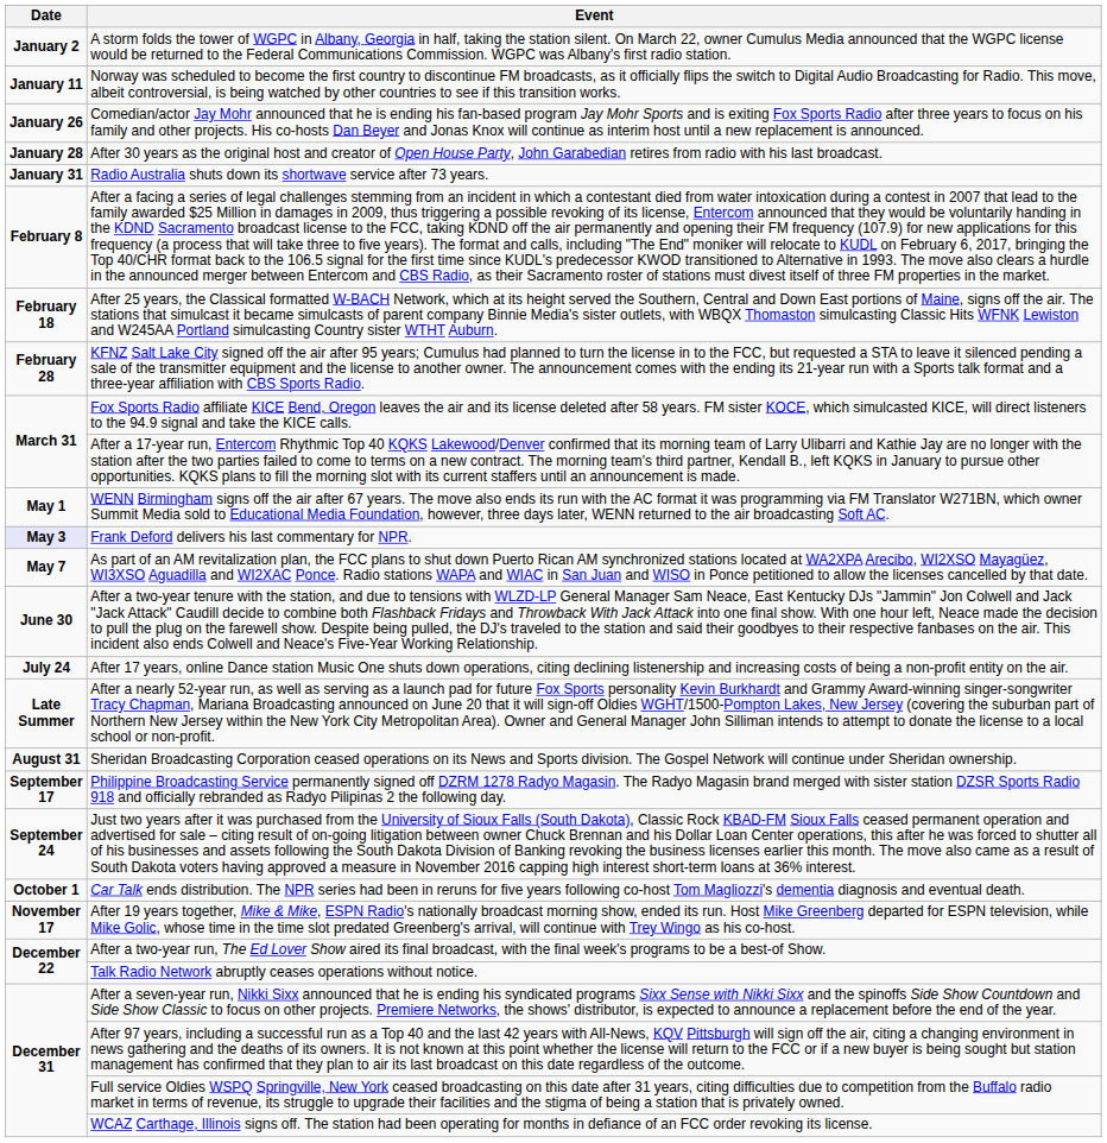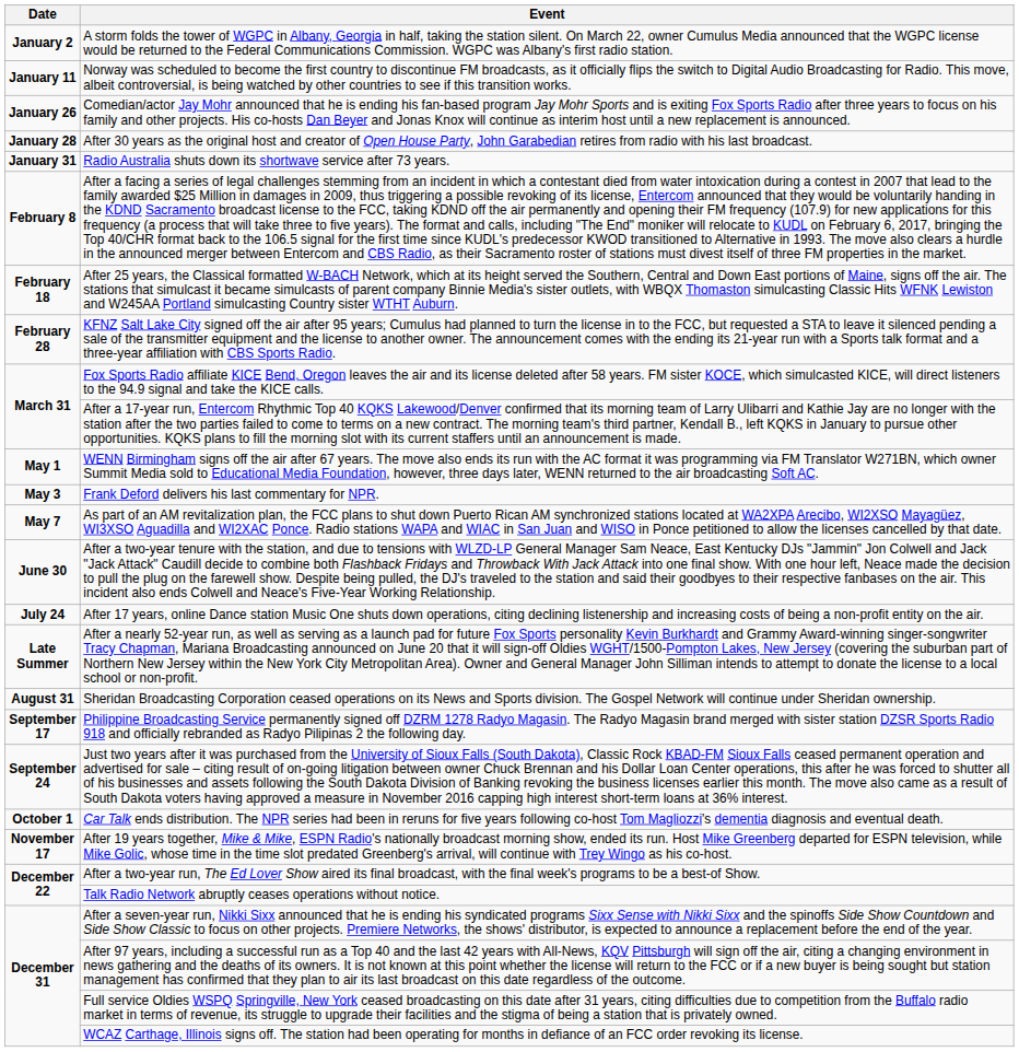 <table class="wikitable">
 <tr>
 <th>Date</th>
 <th>Event</th>
 </tr>
 <tr>
 <td style="text-align:center;"><strong>January 2</strong></td>
 <td>A storm folds the tower of <a href='#'>WGPC</a> in <a href='#'>Albany, Georgia</a> in half, taking the station silent. On March 22, owner Cumulus Media announced that the WGPC license would be returned to the Federal Communications Commission. WGPC was Albany's first radio station.</td>
 </tr>
 <tr>
 <td style="text-align:center;"><strong>January 11</strong></td>
 <td>Norway was scheduled to become the first country to discontinue  FM broadcasts, as it officially flips the switch to Digital Audio Broadcasting for Radio. This move, albeit controversial, is being watched by other countries to see if this transition works.</td>
 </tr>
 <tr>
 <td style="text-align:center;"><strong>January 26</strong></td>
 <td>Comedian/actor <a href='#'>Jay Mohr</a> announced that he is ending his fan-based program <em>Jay Mohr Sports</em> and is exiting <a href='#'>Fox Sports Radio</a> after three years to focus on his family and other projects. His co-hosts <a href='#'>Dan Beyer</a> and Jonas Knox will continue as interim host until a new replacement is announced.</td>
 </tr>
 <tr>
 <td style="text-align:center;"><strong>January 28</strong></td>
 <td>After 30 years as the original host and creator of <em><a href='#'>Open House Party</a></em>, <a href='#'>John Garabedian</a> retires from radio with his last broadcast.</td>
 </tr>
 <tr>
 <td style="text-align:center;"><strong>January 31</strong></td>
 <td><a href='#'>Radio Australia</a> shuts down its <a href='#'>shortwave</a> service after 73 years.</td>
 </tr>
 <tr>
 <td style="text-align:center;"><strong>February 8</strong></td>
 <td>After a facing a series of legal challenges stemming from an incident in which a contestant died from water intoxication during a contest in 2007 that lead to the family awarded $25 Million in damages in 2009, thus triggering a possible revoking of its license, <a href='#'>Entercom</a> announced that they would be voluntarily handing in the <a href='#'>KDND</a> <a href='#'>Sacramento</a> broadcast license to the FCC, taking KDND off the air permanently and opening their FM frequency (107.9) for new applications for this frequency (a process that will take three to five years). The format and calls, including "The End" moniker will relocate to <a href='#'>KUDL</a> on February 6, 2017, bringing the Top 40/CHR format back to the 106.5 signal for the first time since KUDL's predecessor KWOD transitioned to Alternative in 1993. The move also clears a hurdle in the announced merger between Entercom and <a href='#'>CBS Radio</a>, as their Sacramento roster of stations must divest itself of three FM properties in the market.</td>
 </tr>
 <tr>
 <td style="text-align:center;"><strong>February 18</strong></td>
 <td>After 25 years, the Classical formatted <a href='#'>W-BACH</a> Network, which at its height served the Southern, Central and Down East portions of <a href='#'>Maine</a>, signs off the air. The stations that simulcast it became simulcasts of parent company Binnie Media's sister outlets, with WBQX <a href='#'>Thomaston</a> simulcasting Classic Hits <a href='#'>WFNK</a> <a href='#'>Lewiston</a> and W245AA <a href='#'>Portland</a> simulcasting Country sister <a href='#'>WTHT</a> <a href='#'>Auburn</a>.</td>
 </tr>
 <tr>
 <td style="text-align:center;"><strong>February 28</strong></td>
 <td><a href='#'>KFNZ</a> <a href='#'>Salt Lake City</a> signed off the air after 95 years; Cumulus had planned to turn the license in to the FCC, but requested a STA to leave it silenced pending a sale of the transmitter equipment and the license to another owner. The announcement comes with the ending its 21-year run with a Sports talk format and a three-year affiliation with <a href='#'>CBS Sports Radio</a>.</td>
 </tr>
 <tr>
 <td style="text-align:center;" rowspan=2><strong>March 31</strong></td>
 <td><a href='#'>Fox Sports Radio</a> affiliate <a href='#'>KICE</a> <a href='#'>Bend, Oregon</a> leaves the air and its license deleted after 58 years. FM sister <a href='#'>KOCE</a>, which simulcasted KICE, will direct listeners to the 94.9 signal and take the KICE calls.</td>
 </tr>
 <tr>
 <td>After a 17-year run, <a href='#'>Entercom</a> Rhythmic Top 40 <a href='#'>KQKS</a> <a href='#'>Lakewood</a>/<a href='#'>Denver</a> confirmed that its morning team of Larry Ulibarri and Kathie Jay are no longer with the station after the two parties failed to come to terms on a new contract. The morning team's third partner, Kendall B., left KQKS in January to pursue other opportunities. KQKS plans to fill the morning slot with its current staffers until an announcement is made.</td>
 </tr>
 <tr>
 <td style="text-align:center;"><strong>May 1</strong></td>
 <td><a href='#'>WENN</a> <a href='#'>Birmingham</a> signs off the air after 67 years. The move also ends its run with the AC format it was programming via FM Translator W271BN, which owner Summit Media sold to <a href='#'>Educational Media Foundation</a>, however, three days later, WENN returned to the air broadcasting <a href='#'>Soft AC</a>.</td>
 </tr>
 <tr>
-<td style="background: lavender; text-align:center;"><strong>May 3</strong></td>
+<td style="text-align:center;"><strong>May 3</strong></td>
 <td><a href='#'>Frank Deford</a> delivers his last commentary for <a href='#'>NPR</a>.</td>
 </tr>
 <tr>
 <td style="text-align:center;"><strong>May 7</strong></td>
 <td>As part of an AM revitalization plan, the FCC plans to shut down Puerto Rican AM synchronized stations located at <a href='#'>WA2XPA</a> <a href='#'>Arecibo</a>, <a href='#'>WI2XSO</a> <a href='#'>Mayagüez</a>, <a href='#'>WI3XSO</a> <a href='#'>Aguadilla</a> and <a href='#'>WI2XAC</a> <a href='#'>Ponce</a>. Radio stations <a href='#'>WAPA</a> and <a href='#'>WIAC</a> in <a href='#'>San Juan</a> and <a href='#'>WISO</a> in Ponce petitioned to allow the licenses cancelled by that date.</td>
 </tr>
 <tr>
 <td style="text-align:center;"><strong>June 30</strong></td>
 <td>After a two-year tenure with the station, and due to tensions with <a href='#'>WLZD-LP</a> General Manager Sam Neace, East Kentucky DJs "Jammin" Jon Colwell and Jack "Jack Attack" Caudill decide to combine both <em>Flashback Fridays</em> and <em>Throwback With Jack Attack</em> into one final show. With one hour left, Neace made the decision to pull the plug on the farewell show. Despite being pulled, the DJ's traveled to the station and said their goodbyes to their respective fanbases on the air. This incident also ends Colwell and Neace's Five-Year Working Relationship.</td>
 </tr>
 <tr>
 <td style="text-align:center;"><strong>July 24</strong></td>
 <td>After 17 years, online Dance station Music One shuts down operations, citing declining listenership and increasing costs of being a non-profit entity on the air.</td>
 </tr>
 <tr>
 <td style="text-align:center;"><strong>Late Summer</strong></td>
 <td>After a nearly 52-year run, as well as serving as a launch pad for future <a href='#'>Fox Sports</a> personality <a href='#'>Kevin Burkhardt</a> and Grammy Award-winning singer-songwriter <a href='#'>Tracy Chapman</a>, Mariana Broadcasting announced on June 20 that it will sign-off Oldies <a href='#'>WGHT</a>/1500-<a href='#'>Pompton Lakes, New Jersey</a> (covering the suburban part of Northern New Jersey within the New York City Metropolitan Area). Owner and General Manager John Silliman intends to attempt to donate the license to a local school or non-profit.</td>
 </tr>
 <tr>
 <td style="text-align:center;"><strong>August 31</strong></td>
 <td>Sheridan Broadcasting Corporation ceased operations on its News and Sports division. The Gospel Network will continue under Sheridan ownership.</td>
 </tr>
 <tr>
 <td style="text-align:center;"><strong>September 17</strong></td>
 <td><a href='#'>Philippine Broadcasting Service</a> permanently signed off <a href='#'>DZRM 1278 Radyo Magasin</a>. The Radyo Magasin brand merged with sister station <a href='#'>DZSR Sports Radio 918</a> and officially rebranded as Radyo Pilipinas 2 the following day.</td>
 </tr>
 <tr>
 <td style="text-align:center;"><strong>September 24</strong></td>
 <td>Just two years after it was purchased from the <a href='#'>University of Sioux Falls (South Dakota)</a>, Classic Rock <a href='#'>KBAD-FM</a> <a href='#'>Sioux Falls</a> ceased permanent operation and advertised for sale – citing result of on-going litigation between owner Chuck Brennan and his Dollar Loan Center operations, this after he was forced to shutter all of his businesses and assets following the South Dakota Division of Banking revoking the business licenses earlier this month. The move also came as a result of South Dakota voters having approved a measure in November 2016 capping high interest short-term loans at 36% interest.</td>
 </tr>
 <tr>
 <td style="text-align:center;"><strong>October 1</strong></td>
 <td><em><a href='#'>Car Talk</a></em> ends distribution. The <a href='#'>NPR</a> series had been in reruns for five years following co-host <a href='#'>Tom Magliozzi</a>'s <a href='#'>dementia</a> diagnosis and eventual death.</td>
 </tr>
 <tr>
 <td style="text-align:center;"><strong>November 17</strong></td>
 <td>After 19 years together, <em><a href='#'>Mike & Mike</a></em>, <a href='#'>ESPN Radio</a>'s nationally broadcast morning show, ended its run. Host <a href='#'>Mike Greenberg</a> departed for ESPN television, while <a href='#'>Mike Golic</a>, whose time in the time slot predated Greenberg's arrival, will continue with <a href='#'>Trey Wingo</a> as his co-host.</td>
 </tr>
 <tr>
 <td style="text-align:center;" rowspan=2><strong>December 22</strong></td>
 <td>After a two-year run, <em>The <a href='#'>Ed Lover</a> Show</em> aired its final broadcast, with the final week's programs to be a best-of Show.</td>
 </tr>
 <tr>
 <td><a href='#'>Talk Radio Network</a> abruptly ceases operations without notice.</td>
 </tr>
 <tr>
 <td style="text-align:center;" rowspan=4><strong>December 31</strong></td>
 <td>After a seven-year run, <a href='#'>Nikki Sixx</a> announced that he is ending his syndicated programs <em><a href='#'>Sixx Sense with Nikki Sixx</a></em> and the spinoffs <em>Side Show Countdown</em> and <em>Side Show Classic</em> to focus on other projects. <a href='#'>Premiere Networks</a>, the shows' distributor, is expected to announce a replacement before the end of the year.</td>
 </tr>
 <tr>
 <td>After 97 years, including a successful run as a Top 40 and the last 42 years with All-News, <a href='#'>KQV</a> <a href='#'>Pittsburgh</a> will sign off the air, citing a changing environment in news gathering and the deaths of its owners. It is not known at this point whether the license will return to the FCC or if a new buyer is being sought but station management has confirmed that they plan to air its last broadcast on this date regardless of the outcome.</td>
 </tr>
 <tr>
 <td>Full service Oldies <a href='#'>WSPQ</a> <a href='#'>Springville, New York</a> ceased broadcasting on this date after 31 years, citing difficulties due to competition from the <a href='#'>Buffalo</a> radio market in terms of revenue, its struggle to upgrade their facilities and the stigma of being a station that is privately owned.</td>
 </tr>
 <tr>
 <td><a href='#'>WCAZ</a> <a href='#'>Carthage, Illinois</a> signs off. The station had been operating for months in defiance of an FCC order revoking its license.</td>
 </tr>
 </table>
